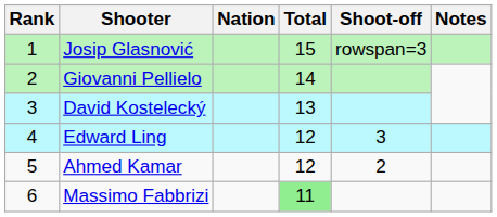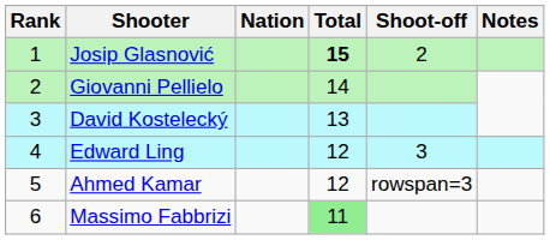 <table class="wikitable sortable" style="text-align:center">
 <tr>
 <th>Rank</th>
 <th>Shooter</th>
 <th>Nation</th>
 <th>Total</th>
 <th>Shoot-off</th>
 <th>Notes</th>
 </tr>
 <tr bgcolor=#bbf3bb>
 <td>1</td>
 <td align=left><a href='#'>Josip Glasnović</a></td>
 <td align="left"></td>
-<td>15</td>
-<td>rowspan=3 </td>
+<td><strong>15</strong></td>
+<td>2</td>
 <td></td>
 </tr>
 <tr bgcolor=#bbf3bb>
 <td>2</td>
 <td align=left><a href='#'>Giovanni Pellielo</a></td>
 <td align="left"></td>
 <td>14</td>
 <td></td>
 </tr>
 <tr bgcolor=#bbf9ff>
 <td>3</td>
 <td align=left><a href='#'>David Kostelecký</a></td>
 <td align="left"></td>
 <td>13</td>
 <td></td>
 </tr>
 <tr bgcolor=#bbf9ff>
 <td>4</td>
 <td align=left><a href='#'>Edward Ling</a></td>
 <td align="left"></td>
 <td>12</td>
 <td>3</td>
 <td></td>
 </tr>
 <tr>
 <td>5</td>
 <td align=left><a href='#'>Ahmed Kamar</a></td>
 <td align="left"></td>
 <td>12</td>
-<td>2</td>
+<td>rowspan=3 </td>
 <td></td>
 </tr>
 <tr>
 <td>6</td>
 <td align=left><a href='#'>Massimo Fabbrizi</a></td>
 <td align="left"></td>
 <td style="background: lightgreen;">11</td>
 <td></td>
 <td></td>
 </tr>
 </table>
